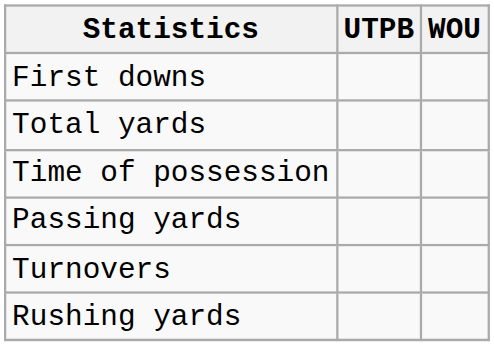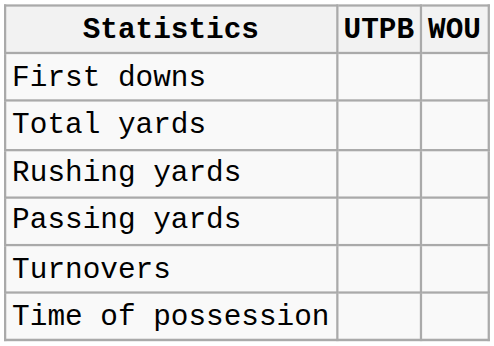 <table class="wikitable" style="float: left;">
 <tr>
 <th>Statistics</th>
 <th>UTPB</th>
 <th>WOU</th>
 </tr>
 <tr>
 <td>First downs</td>
 <td></td>
 <td></td>
 </tr>
 <tr>
 <td>Total yards</td>
 <td></td>
 <td></td>
 </tr>
 <tr>
-<td>Time of possession</td>
+<td>Rushing yards</td>
 <td></td>
 <td></td>
 </tr>
 <tr>
 <td>Passing yards</td>
 <td></td>
 <td></td>
 </tr>
 <tr>
 <td>Turnovers</td>
 <td></td>
 <td></td>
 </tr>
 <tr>
-<td>Rushing yards</td>
+<td>Time of possession</td>
 <td></td>
 <td></td>
 </tr>
 <tr>
 </tr>
 </table>
